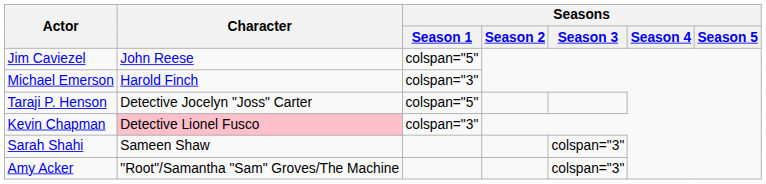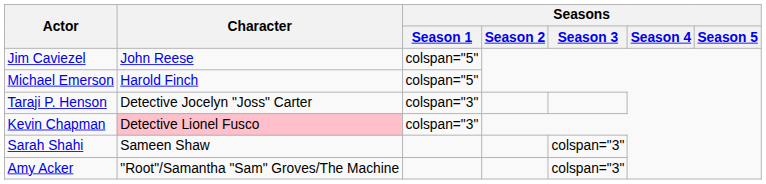 <table class="wikitable">
 <tr>
 <th scope="col" rowspan="2">Actor</th>
 <th scope="col" rowspan="2">Character</th>
 <th scope="col" colspan="5">Seasons</th>
 </tr>
 <tr>
 <th scope="col"><a href='#'>Season 1</a></th>
 <th scope="col"><a href='#'>Season 2</a></th>
 <th scope="col"><a href='#'>Season 3</a></th>
 <th scope="col"><a href='#'>Season 4</a></th>
 <th scope="col"><a href='#'>Season 5</a></th>
 </tr>
 <tr>
 <td><a href='#'>Jim Caviezel</a></td>
 <td><a href='#'>John Reese</a></td>
 <td>colspan="5" </td>
 </tr>
 <tr>
 <td><a href='#'>Michael Emerson</a></td>
 <td><a href='#'>Harold Finch</a></td>
-<td>colspan="3" </td>
+<td>colspan="5" </td>
 </tr>
 <tr>
 <td><a href='#'>Taraji P. Henson</a></td>
 <td>Detective Jocelyn "Joss" Carter</td>
-<td>colspan="5" </td>
+<td>colspan="3" </td>
 <td></td>
 <td></td>
 </tr>
 <tr>
 <td><a href='#'>Kevin Chapman</a></td>
 <td style="background: pink;">Detective Lionel Fusco</td>
 <td>colspan="3" </td>
 </tr>
 <tr>
 <td><a href='#'>Sarah Shahi</a></td>
 <td>Sameen Shaw</td>
 <td></td>
 <td></td>
 <td>colspan="3" </td>
 </tr>
 <tr>
 <td><a href='#'>Amy Acker</a></td>
 <td>"Root"/Samantha "Sam" Groves/The Machine</td>
 <td></td>
 <td></td>
 <td>colspan="3" </td>
 </tr>
 </table>
